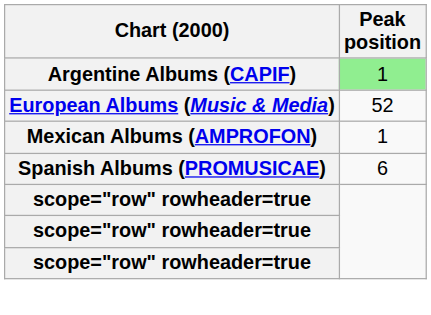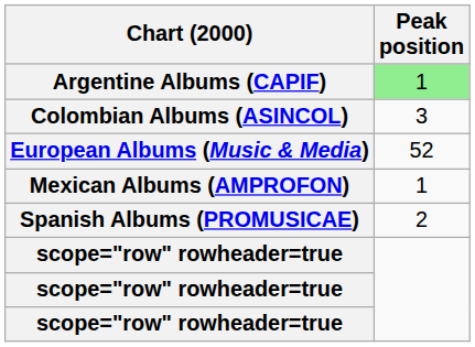 <table class="wikitable sortable plainrowheaders">
 <tr>
 <th>Chart (2000)</th>
 <th>Peak<br>position</th>
 </tr>
 <tr>
 <th scope="row">Argentine Albums (<a href='#'>CAPIF</a>)</th>
 <td style="background: lightgreen; text-align:center;">1</td>
+</tr>
+<tr>
+<th scope="row">Colombian Albums (<a href='#'>ASINCOL</a>)</th>
+<td style="text-align:center;">3</td>
 </tr>
 <tr>
 <th scope="row"><a href='#'>European Albums</a> (<em><a href='#'>Music & Media</a></em>)</th>
 <td align="center">52</td>
 </tr>
 <tr>
 <th scope="row">Mexican Albums (<a href='#'>AMPROFON</a>)</th>
 <td style="text-align:center;">1</td>
 </tr>
 <tr>
 <th scope="row">Spanish Albums (<a href='#'>PROMUSICAE</a>)</th>
-<td style="text-align:center;">6</td>
+<td style="text-align:center;">2</td>
 </tr>
 <tr>
 <th>scope="row" rowheader=true</th>
 </tr>
 <tr>
 <th>scope="row" rowheader=true</th>
 </tr>
 <tr>
 <th>scope="row" rowheader=true</th>
 </tr>
 </table>
